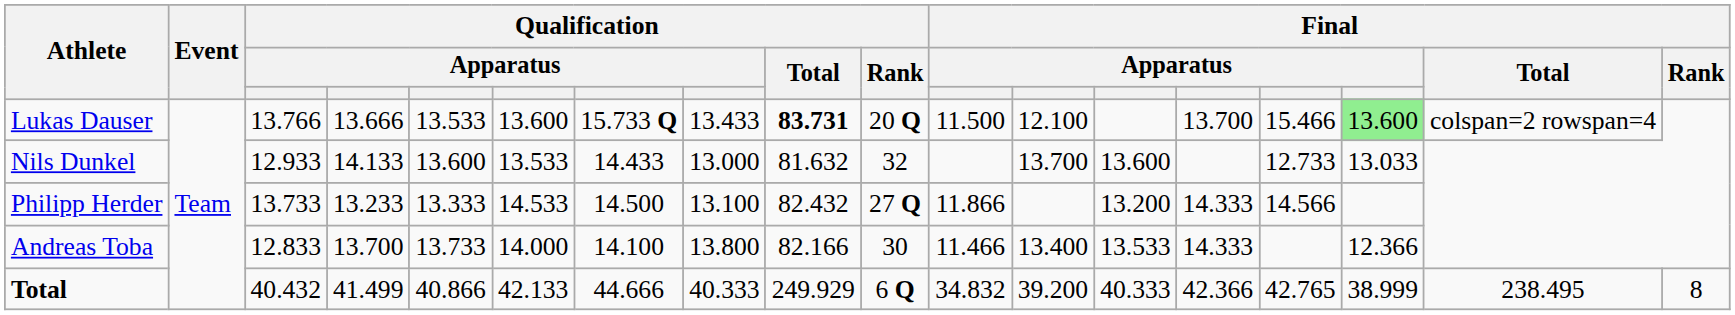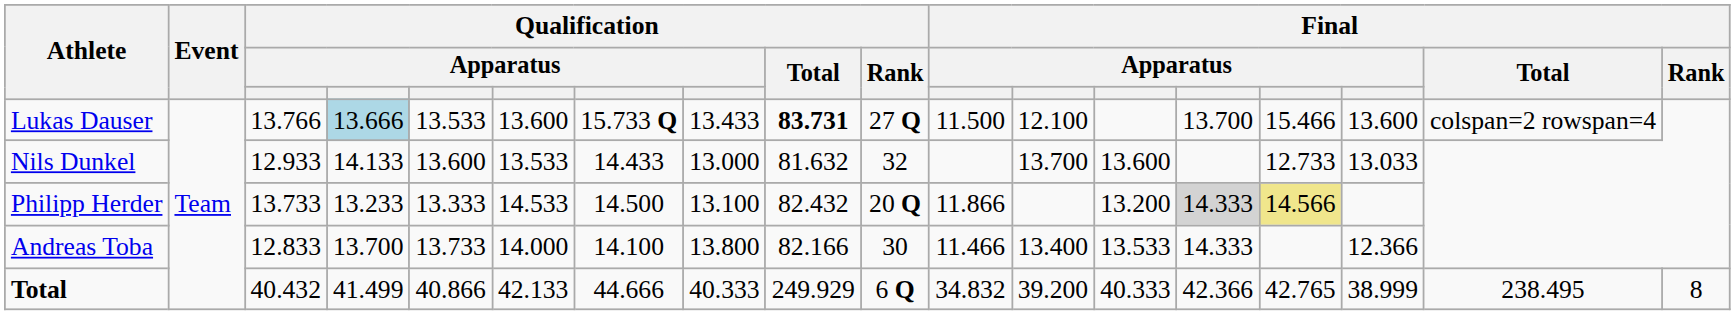 <table class="wikitable" style="font-size:90%">
 <tr>
 <th rowspan=3>Athlete</th>
 <th rowspan=3>Event</th>
 <th colspan =8>Qualification</th>
 <th colspan =8>Final</th>
 </tr>
 <tr style="font-size:95%">
 <th colspan=6>Apparatus</th>
 <th rowspan=2>Total</th>
 <th rowspan=2>Rank</th>
 <th colspan=6>Apparatus</th>
 <th rowspan=2>Total</th>
 <th rowspan=2>Rank</th>
 </tr>
 <tr style="font-size:95%">
 <th></th>
 <th></th>
 <th></th>
 <th></th>
 <th></th>
 <th></th>
 <th></th>
 <th></th>
 <th></th>
 <th></th>
 <th></th>
 <th></th>
 </tr>
 <tr align=center>
 <td align=left><a href='#'>Lukas Dauser</a></td>
 <td align=left rowspan=5><a href='#'>Team</a></td>
 <td>13.766</td>
-<td>13.666</td>
+<td style="background: lightblue;">13.666</td>
 <td>13.533</td>
 <td>13.600</td>
 <td>15.733 <strong>Q</strong></td>
 <td>13.433</td>
 <td><strong>83.731</strong></td>
-<td>20 <strong>Q</strong></td>
+<td>27 <strong>Q</strong></td>
 <td>11.500</td>
 <td>12.100</td>
 <td></td>
 <td>13.700</td>
 <td>15.466</td>
-<td style="background: lightgreen;">13.600</td>
+<td>13.600</td>
 <td>colspan=2 rowspan=4 </td>
 </tr>
 <tr align=center>
 <td align=left><a href='#'>Nils Dunkel</a></td>
 <td>12.933</td>
 <td>14.133</td>
 <td>13.600</td>
 <td>13.533</td>
 <td>14.433</td>
 <td>13.000</td>
 <td>81.632</td>
 <td>32</td>
 <td></td>
 <td>13.700</td>
 <td>13.600</td>
 <td></td>
 <td>12.733</td>
 <td>13.033</td>
 </tr>
 <tr align=center>
 <td align=left><a href='#'>Philipp Herder</a></td>
 <td>13.733</td>
 <td>13.233</td>
 <td>13.333</td>
 <td>14.533</td>
 <td>14.500</td>
 <td>13.100</td>
 <td>82.432</td>
-<td>27 <strong>Q</strong></td>
+<td>20 <strong>Q</strong></td>
 <td>11.866</td>
 <td></td>
 <td>13.200</td>
-<td>14.333</td>
-<td>14.566</td>
+<td style="background: lightgrey;">14.333</td>
+<td style="background: khaki;">14.566</td>
 <td></td>
 </tr>
 <tr align=center>
 <td align=left><a href='#'>Andreas Toba</a></td>
 <td>12.833</td>
 <td>13.700</td>
 <td>13.733</td>
 <td>14.000</td>
 <td>14.100</td>
 <td>13.800</td>
 <td>82.166</td>
 <td>30</td>
 <td>11.466</td>
 <td>13.400</td>
 <td>13.533</td>
 <td>14.333</td>
 <td></td>
 <td>12.366</td>
 </tr>
 <tr align=center>
 <td align=left><strong>Total</strong></td>
 <td>40.432</td>
 <td>41.499</td>
 <td>40.866</td>
 <td>42.133</td>
 <td>44.666</td>
 <td>40.333</td>
 <td>249.929</td>
 <td>6 <strong>Q</strong></td>
 <td>34.832</td>
 <td>39.200</td>
 <td>40.333</td>
 <td>42.366</td>
 <td>42.765</td>
 <td>38.999</td>
 <td>238.495</td>
 <td>8</td>
 </tr>
 </table>
